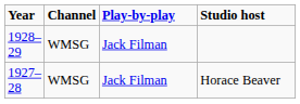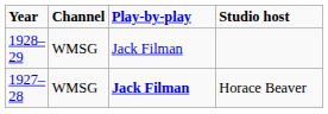 <table class="wikitable">
 <tr>
 <td width="40"><strong>Year</strong></td>
 <td width="40"><strong>Channel</strong></td>
 <td width="110"><strong><a href='#'>Play-by-play</a></strong></td>
 <td width="110"><strong>Studio host</strong></td>
 </tr>
 <tr>
 <td><a href='#'>1928–29</a></td>
 <td>WMSG</td>
 <td><a href='#'>Jack Filman</a></td>
 </tr>
 <tr>
 <td><a href='#'>1927–28</a></td>
 <td>WMSG</td>
-<td><a href='#'>Jack Filman</a></td>
+<td><strong><a href='#'>Jack Filman</a></strong></td>
 <td>Horace Beaver</td>
 </tr>
 </table>
